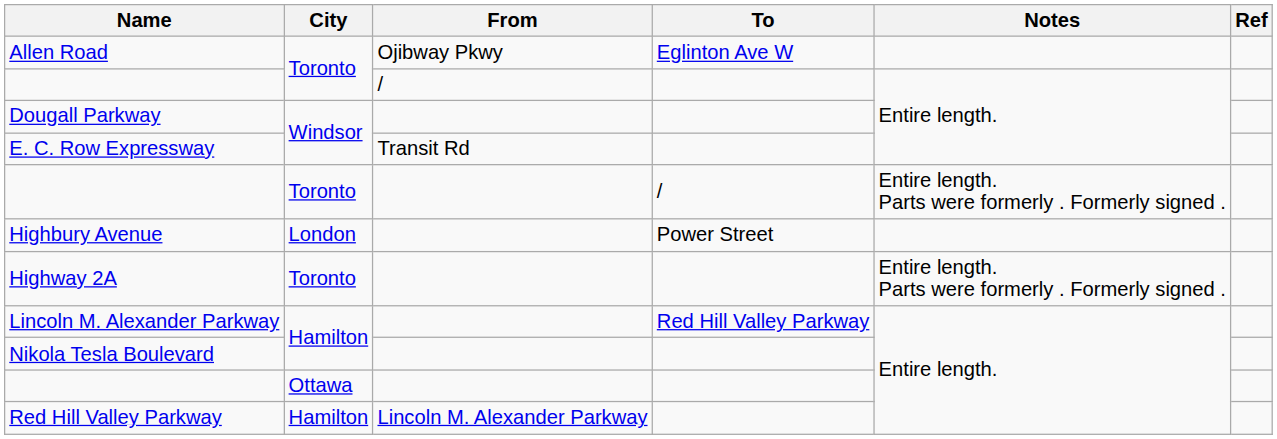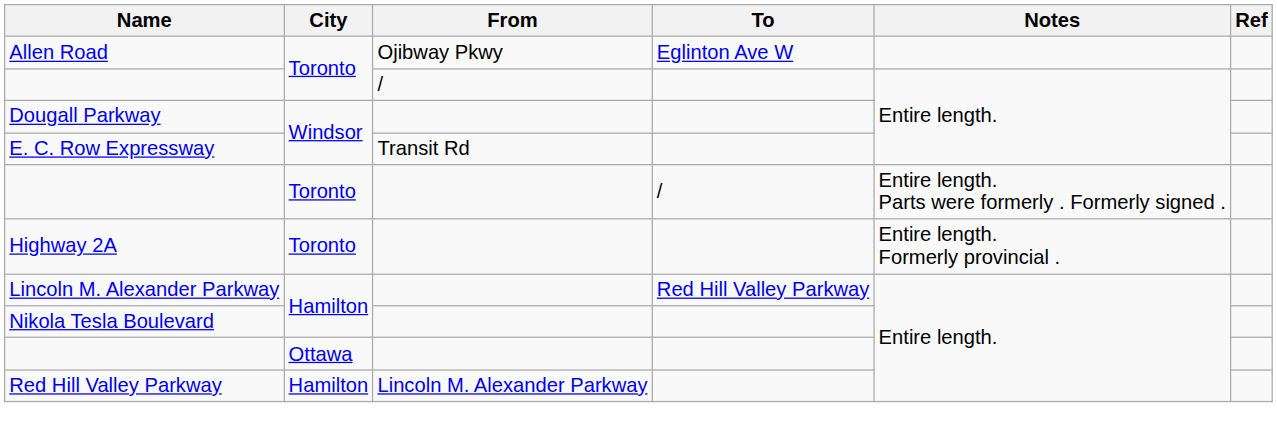 <table class="wikitable sortable">
 <tr>
 <th>Name</th>
 <th>City</th>
 <th>From</th>
 <th>To</th>
 <th>Notes</th>
 <th>Ref</th>
 </tr>
 <tr>
 <td><a href='#'>Allen Road</a></td>
 <td rowspan="2"><a href='#'>Toronto</a></td>
 <td>Ojibway Pkwy</td>
 <td><a href='#'>Eglinton Ave W</a></td>
 <td></td>
 <td></td>
 </tr>
 <tr>
 <td></td>
 <td> / </td>
 <td></td>
 <td rowspan="3">Entire length.</td>
 <td></td>
 </tr>
 <tr>
 <td><a href='#'>Dougall Parkway</a></td>
 <td rowspan="2"><a href='#'>Windsor</a></td>
 <td></td>
 <td></td>
 <td></td>
 </tr>
 <tr>
 <td><a href='#'>E. C. Row Expressway</a></td>
 <td>Transit Rd</td>
 <td></td>
 <td></td>
 </tr>
 <tr>
 <td></td>
 <td><a href='#'>Toronto</a></td>
 <td></td>
 <td> / </td>
 <td>Entire length.<br>Parts were formerly  . Formerly signed .</td>
 <td></td>
 </tr>
 <tr>
-<td><a href='#'>Highbury Avenue</a></td>
-<td><a href='#'>London</a></td>
-<td></td>
-<td>Power Street</td>
-<td></td>
-<td></td>
-</tr>
-<tr>
 <td><a href='#'>Highway 2A</a></td>
 <td><a href='#'>Toronto</a></td>
 <td></td>
 <td></td>
-<td>Entire length.<br>Parts were formerly  . Formerly signed .</td>
+<td>Entire length.<br>Formerly provincial .</td>
 <td></td>
 </tr>
 <tr>
 <td><a href='#'>Lincoln M. Alexander Parkway</a></td>
 <td rowspan="2"><a href='#'>Hamilton</a></td>
 <td></td>
 <td><a href='#'>Red Hill Valley Parkway</a></td>
 <td rowspan="4">Entire length.</td>
 <td></td>
 </tr>
 <tr>
 <td><a href='#'>Nikola Tesla Boulevard</a></td>
 <td></td>
 <td></td>
 <td></td>
 </tr>
 <tr>
 <td></td>
 <td><a href='#'>Ottawa</a></td>
 <td></td>
 <td></td>
 <td></td>
 </tr>
 <tr>
 <td><a href='#'>Red Hill Valley Parkway</a></td>
 <td><a href='#'>Hamilton</a></td>
 <td><a href='#'>Lincoln M. Alexander Parkway</a></td>
 <td></td>
 <td></td>
 </tr>
 </table>
